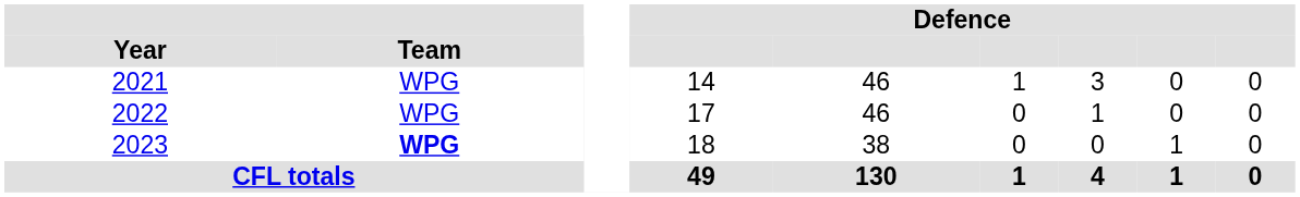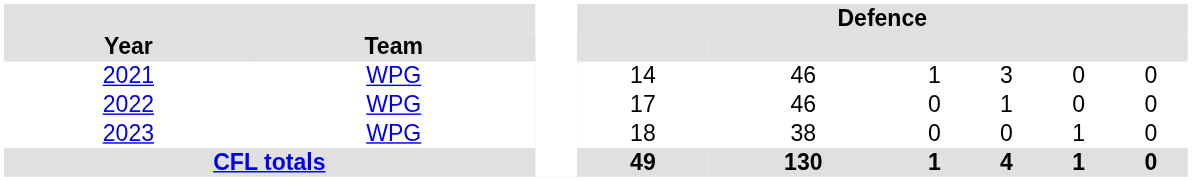 <table BORDER="0" CELLPADDING="1" CELLSPACING="0" width="65%" style="text-align:center">
 <tr bgcolor="#e0e0e0">
 <th colspan="2"></th>
 <th rowspan="100" bgcolor="#ffffff"> </th>
 <th colspan="9">Defence</th>
 </tr>
 <tr bgcolor="#e0e0e0">
 <th>Year</th>
 <th>Team</th>
 <th></th>
 <th></th>
 <th></th>
 <th></th>
 <th></th>
 <th></th>
 </tr>
 <tr ALIGN="center">
 <td><a href='#'>2021</a></td>
 <td><a href='#'>WPG</a></td>
 <td>14</td>
 <td>46</td>
 <td>1</td>
 <td>3</td>
 <td>0</td>
 <td>0</td>
 </tr>
 <tr bgcolor="#e0e0e0">
 </tr>
 <tr ALIGN="center">
 <td><a href='#'>2022</a></td>
 <td><a href='#'>WPG</a></td>
 <td>17</td>
 <td>46</td>
 <td>0</td>
 <td>1</td>
 <td>0</td>
 <td>0</td>
 </tr>
 <tr bgcolor="#e0e0e0">
 </tr>
 <tr ALIGN="center">
 <td><a href='#'>2023</a></td>
-<td><strong><a href='#'>WPG</a></strong></td>
+<td><a href='#'>WPG</a></td>
 <td>18</td>
 <td>38</td>
 <td>0</td>
 <td>0</td>
 <td>1</td>
 <td>0</td>
 </tr>
 <tr bgcolor="#e0e0e0">
 <th colspan="2"><a href='#'>CFL totals</a></th>
 <th>49</th>
 <th>130</th>
 <th>1</th>
 <th>4</th>
 <th>1</th>
 <th>0</th>
 </tr>
 </table>
